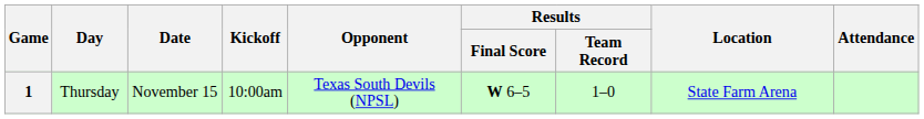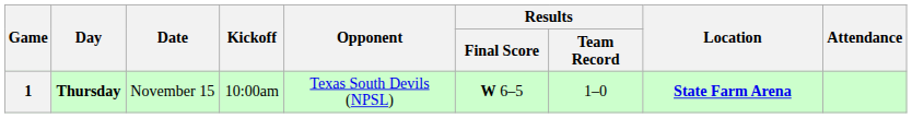 <table class="wikitable">
 <tr>
 <th rowspan="2" width="40">Game</th>
 <th rowspan="2" width="70">Day</th>
 <th rowspan="2" width="90">Date</th>
 <th rowspan="2" width="60">Kickoff</th>
 <th rowspan="2" width="170">Opponent</th>
 <th colspan="2" width="180">Results</th>
 <th rowspan="2" width="180">Location</th>
 <th rowspan="2" width="80">Attendance</th>
 </tr>
 <tr>
 <th width="90">Final Score</th>
 <th width="90">Team Record</th>
 </tr>
 <tr align="center" bgcolor="#CCFFCC">
 <th>1</th>
-<td>Thursday</td>
+<td><strong>Thursday</strong></td>
 <td>November 15</td>
 <td>10:00am</td>
 <td><a href='#'>Texas South Devils</a> (<a href='#'>NPSL</a>)</td>
 <td><strong>W</strong> 6–5</td>
 <td>1–0</td>
-<td><a href='#'>State Farm Arena</a></td>
+<td><strong><a href='#'>State Farm Arena</a></strong></td>
 <td></td>
 </tr>
 </table>
